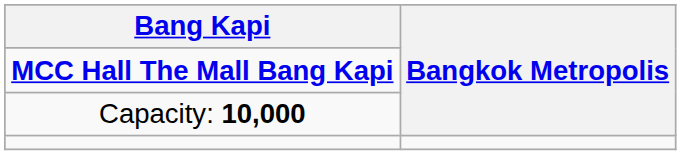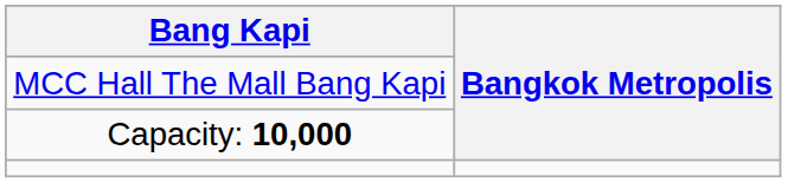 <table class="wikitable" style="text-align:center;">
 <tr>
 <th><a href='#'>Bang Kapi</a></th>
 <th rowspan=3><a href='#'>Bangkok Metropolis</a></th>
 </tr>
 <tr>
-<td><strong><a href='#'>MCC Hall The Mall Bang Kapi</a></strong></td>
+<td><a href='#'>MCC Hall The Mall Bang Kapi</a></td>
 </tr>
 <tr>
 <td>Capacity: <strong>10,000</strong></td>
 </tr>
 <tr>
 <td></td>
 <td></td>
 </tr>
 </table>
